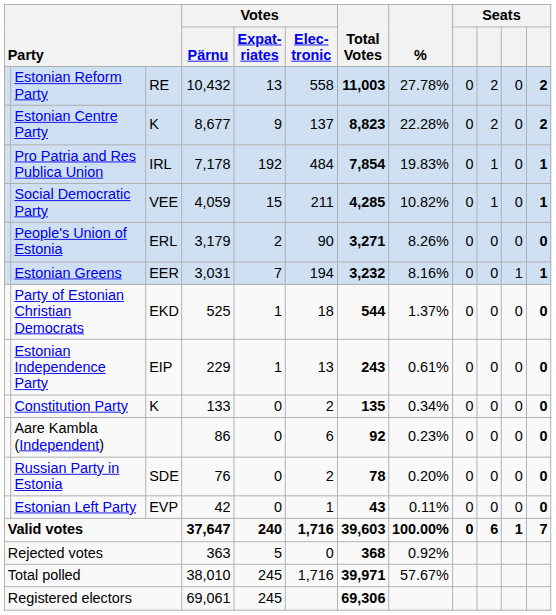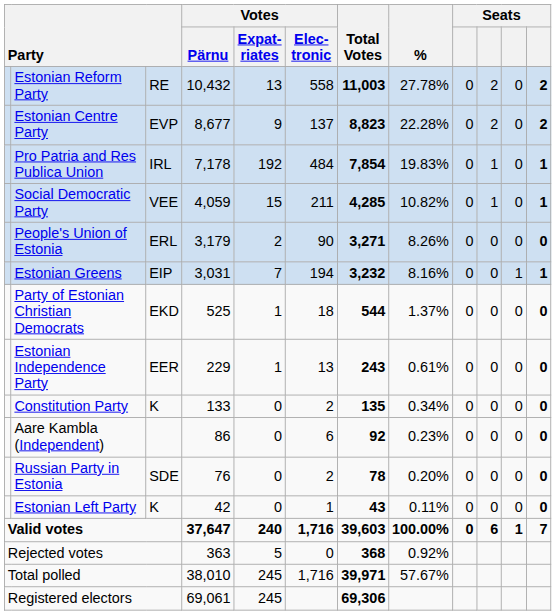 <table class="wikitable" border="1" style="text-align:right;">
 <tr>
 <th style="text-align:left;" valign=bottom rowspan=2 colspan=3>Party</th>
 <th colspan=3>Votes</th>
 <th align=center valign=bottom rowspan=2 width="50">Total Votes</th>
 <th align=center valign=bottom rowspan=2 width="50">%</th>
 <th colspan=4>Seats</th>
 </tr>
 <tr>
 <th align=center valign=bottom width="50"><a href='#'>Pärnu</a></th>
 <th align=center valign=bottom width="50"><a href='#'>Expat- riates</a></th>
 <th align=center valign=bottom width="50"><a href='#'>Elec- tronic</a></th>
 <th align=center valign=bottom width="20"><small></small></th>
 <th align=center valign=bottom width="20"><small></small></th>
 <th align=center valign=bottom width="20"><small></small></th>
 <th align=center valign=bottom width="20"><small></small></th>
 </tr>
 <tr style="background:#CEE0F2;">
 <td style="background:"></td>
 <td align=left><a href='#'>Estonian Reform Party</a></td>
 <td align=left>RE</td>
 <td>10,432</td>
 <td>13</td>
 <td>558</td>
 <td><strong>11,003</strong></td>
 <td>27.78%</td>
 <td>0</td>
 <td>2</td>
 <td>0</td>
 <td><strong>2</strong></td>
 </tr>
 <tr style="background:#CEE0F2;">
 <td style="background:"></td>
 <td align=left><a href='#'>Estonian Centre Party</a></td>
-<td align=left>K</td>
+<td align=left>EVP</td>
 <td>8,677</td>
 <td>9</td>
 <td>137</td>
 <td><strong>8,823</strong></td>
 <td>22.28%</td>
 <td>0</td>
 <td>2</td>
 <td>0</td>
 <td><strong>2</strong></td>
 </tr>
 <tr style="background:#CEE0F2;">
 <td style="background:"></td>
 <td align=left><a href='#'>Pro Patria and Res Publica Union</a></td>
 <td align=left>IRL</td>
 <td>7,178</td>
 <td>192</td>
 <td>484</td>
 <td><strong>7,854</strong></td>
 <td>19.83%</td>
 <td>0</td>
 <td>1</td>
 <td>0</td>
 <td><strong>1</strong></td>
 </tr>
 <tr style="background:#CEE0F2;">
 <td style="background:"></td>
 <td align=left><a href='#'>Social Democratic Party</a></td>
 <td align=left>VEE</td>
 <td>4,059</td>
 <td>15</td>
 <td>211</td>
 <td><strong>4,285</strong></td>
 <td>10.82%</td>
 <td>0</td>
 <td>1</td>
 <td>0</td>
 <td><strong>1</strong></td>
 </tr>
 <tr style="background:#CEE0F2;">
 <td style="background:"></td>
 <td align=left><a href='#'>People's Union of Estonia</a></td>
 <td align=left>ERL</td>
 <td>3,179</td>
 <td>2</td>
 <td>90</td>
 <td><strong>3,271</strong></td>
 <td>8.26%</td>
 <td>0</td>
 <td>0</td>
 <td>0</td>
 <td><strong>0</strong></td>
 </tr>
 <tr style="background:#CEE0F2;">
 <td style="background:"></td>
 <td align=left><a href='#'>Estonian Greens</a></td>
-<td align=left>EER</td>
+<td align=left>EIP</td>
 <td>3,031</td>
 <td>7</td>
 <td>194</td>
 <td><strong>3,232</strong></td>
 <td>8.16%</td>
 <td>0</td>
 <td>0</td>
 <td>1</td>
 <td><strong>1</strong></td>
 </tr>
 <tr>
 <td style="background:"></td>
 <td align=left><a href='#'>Party of Estonian Christian Democrats</a></td>
 <td align=left>EKD</td>
 <td>525</td>
 <td>1</td>
 <td>18</td>
 <td><strong>544</strong></td>
 <td>1.37%</td>
 <td>0</td>
 <td>0</td>
 <td>0</td>
 <td><strong>0</strong></td>
 </tr>
 <tr>
 <td style="background:"></td>
 <td align=left><a href='#'>Estonian Independence Party</a></td>
-<td align=left>EIP</td>
+<td align=left>EER</td>
 <td>229</td>
 <td>1</td>
 <td>13</td>
 <td><strong>243</strong></td>
 <td>0.61%</td>
 <td>0</td>
 <td>0</td>
 <td>0</td>
 <td><strong>0</strong></td>
 </tr>
 <tr>
 <td style="background:"></td>
 <td align=left><a href='#'>Constitution Party</a></td>
 <td align=left>K</td>
 <td>133</td>
 <td>0</td>
 <td>2</td>
 <td><strong>135</strong></td>
 <td>0.34%</td>
 <td>0</td>
 <td>0</td>
 <td>0</td>
 <td><strong>0</strong></td>
 </tr>
 <tr>
 <td style="background:"></td>
 <td align=left>Aare Kambla (<a href='#'>Independent</a>)</td>
 <td></td>
 <td>86</td>
 <td>0</td>
 <td>6</td>
 <td><strong>92</strong></td>
 <td>0.23%</td>
 <td>0</td>
 <td>0</td>
 <td>0</td>
 <td><strong>0</strong></td>
 </tr>
 <tr>
 <td></td>
 <td align=left><a href='#'>Russian Party in Estonia</a></td>
 <td align=left>SDE</td>
 <td>76</td>
 <td>0</td>
 <td>2</td>
 <td><strong>78</strong></td>
 <td>0.20%</td>
 <td>0</td>
 <td>0</td>
 <td>0</td>
 <td><strong>0</strong></td>
 </tr>
 <tr>
 <td style="background:"></td>
 <td align=left><a href='#'>Estonian Left Party</a></td>
-<td align=left>EVP</td>
+<td align=left>K</td>
 <td>42</td>
 <td>0</td>
 <td>1</td>
 <td><strong>43</strong></td>
 <td>0.11%</td>
 <td>0</td>
 <td>0</td>
 <td>0</td>
 <td><strong>0</strong></td>
 </tr>
 <tr style="font-weight:bold">
 <td align=left colspan=3>Valid votes</td>
 <td>37,647</td>
 <td>240</td>
 <td>1,716</td>
 <td>39,603</td>
 <td>100.00%</td>
 <td>0</td>
 <td>6</td>
 <td>1</td>
 <td>7</td>
 </tr>
 <tr>
 <td align=left colspan=3>Rejected votes</td>
 <td>363</td>
 <td>5</td>
 <td>0</td>
 <td><strong>368</strong></td>
 <td>0.92%</td>
 <td></td>
 <td></td>
 <td></td>
 <td></td>
 </tr>
 <tr>
 <td align=left colspan=3>Total polled</td>
 <td>38,010</td>
 <td>245</td>
 <td>1,716</td>
 <td><strong>39,971</strong></td>
 <td>57.67%</td>
 <td></td>
 <td></td>
 <td></td>
 <td></td>
 </tr>
 <tr>
 <td align=left colspan=3>Registered electors</td>
 <td>69,061</td>
 <td>245</td>
 <td></td>
 <td><strong>69,306</strong></td>
 <td></td>
 <td></td>
 <td></td>
 <td></td>
 <td></td>
 </tr>
 </table>
